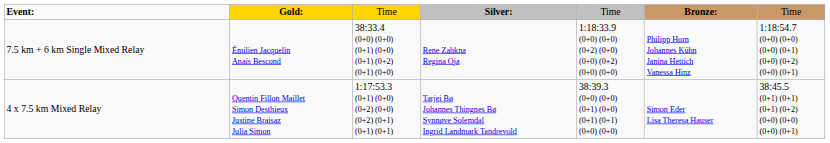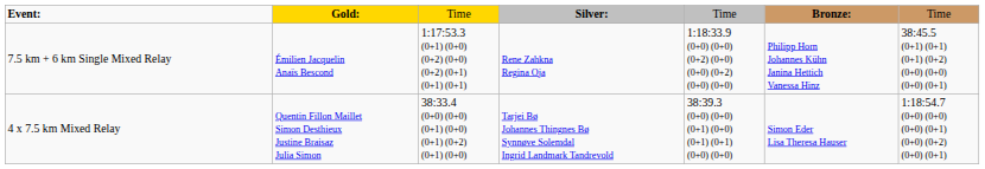 <table class="wikitable" border="1" style="width:85%;">
 <tr>
 <td><strong>Event:</strong></td>
 <td style="text-align:center;background-color:gold;"><strong>Gold:</strong></td>
 <td style="text-align:center;background-color:gold;">Time</td>
 <td style="text-align:center;background-color:silver;"><strong>Silver:</strong></td>
 <td style="text-align:center;background-color:silver;">Time</td>
 <td style="text-align:center;background-color:#CC9966;"><strong>Bronze:</strong></td>
 <td style="text-align:center;background-color:#CC9966;">Time</td>
 </tr>
 <tr>
 <td>7.5 km + 6 km Single Mixed Relay</td>
 <td><strong></strong><br><small><a href='#'>Émilien Jacquelin</a><br><a href='#'>Anaïs Bescond</a></small></td>
-<td>38:33.4<br><small>(0+0) (0+0)<br>(0+1) (0+0)<br>(0+1) (0+2)<br>(0+1) (0+0)</small></td>
+<td>1:17:53.3<br><small>(0+1) (0+0)<br>(0+2) (0+0)<br>(0+2) (0+1)<br>(0+1) (0+1)</small></td>
 <td><br><small><a href='#'>Rene Zahkna</a><br><a href='#'>Regina Oja</a></small></td>
 <td>1:18:33.9<br><small>(0+0) (0+0)<br>(0+2) (0+0)<br>(0+0) (0+2)<br>(0+0) (0+0)</small></td>
 <td><br><small><a href='#'>Philipp Horn</a><br><a href='#'>Johannes Kühn</a><br><a href='#'>Janina Hettich</a><br><a href='#'>Vanessa Hinz</a></small></td>
-<td>1:18:54.7<br><small>(0+0) (0+0)<br>(0+0) (0+1)<br>(0+0) (0+2)<br>(0+0) (0+1)</small></td>
+<td>38:45.5<br><small>(0+1) (0+1)<br>(0+1) (0+2)<br>(0+0) (0+0)<br>(0+0) (0+1)</small></td>
 </tr>
 <tr>
 <td>4 x 7.5 km Mixed Relay</td>
 <td><strong></strong><br><small><a href='#'>Quentin Fillon Maillet</a><br><a href='#'>Simon Desthieux</a><br><a href='#'>Justine Braisaz</a><br><a href='#'>Julia Simon</a></small></td>
-<td>1:17:53.3<br><small>(0+1) (0+0)<br>(0+2) (0+0)<br>(0+2) (0+1)<br>(0+1) (0+1)</small></td>
+<td>38:33.4<br><small>(0+0) (0+0)<br>(0+1) (0+0)<br>(0+1) (0+2)<br>(0+1) (0+0)</small></td>
 <td><br><small><a href='#'>Tarjei Bø</a><br><a href='#'>Johannes Thingnes Bø</a><br><a href='#'>Synnøve Solemdal</a><br><a href='#'>Ingrid Landmark Tandrevold</a></small></td>
 <td>38:39.3<br><small>(0+0) (0+0)<br>(0+1) (0+0)<br>(0+1) (0+1)<br>(0+0) (0+0)</small></td>
 <td><br><small><a href='#'>Simon Eder</a><br><a href='#'>Lisa Theresa Hauser</a></small></td>
-<td>38:45.5<br><small>(0+1) (0+1)<br>(0+1) (0+2)<br>(0+0) (0+0)<br>(0+0) (0+1)</small></td>
+<td>1:18:54.7<br><small>(0+0) (0+0)<br>(0+0) (0+1)<br>(0+0) (0+2)<br>(0+0) (0+1)</small></td>
 </tr>
 </table>
